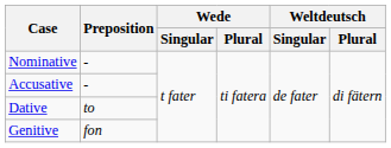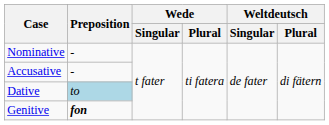 <table class="wikitable mw-collapsible floatright">
 <tr>
 <th rowspan="2">Case</th>
 <th rowspan="2">Preposition</th>
 <th colspan="2">Wede</th>
 <th colspan="2">Weltdeutsch</th>
 </tr>
 <tr>
 <th>Singular</th>
 <th>Plural</th>
 <th>Singular</th>
 <th>Plural</th>
 </tr>
 <tr>
 <td><a href='#'>Nominative</a></td>
 <td>-</td>
 <td rowspan="4"><em>t fater</em></td>
 <td rowspan="4"><em>ti fatera</em></td>
 <td rowspan="4"><em>de fater</em></td>
 <td rowspan="4"><em>di fätern</em></td>
 </tr>
 <tr>
 <td><a href='#'>Accusative</a></td>
 <td>-</td>
 </tr>
 <tr>
 <td><a href='#'>Dative</a></td>
-<td><em>to</em></td>
+<td style="background: lightblue;"><em>to</em></td>
 </tr>
 <tr>
 <td><a href='#'>Genitive</a></td>
-<td><em>fon</em></td>
+<td><strong><em>fon</em></strong></td>
 </tr>
 </table>
